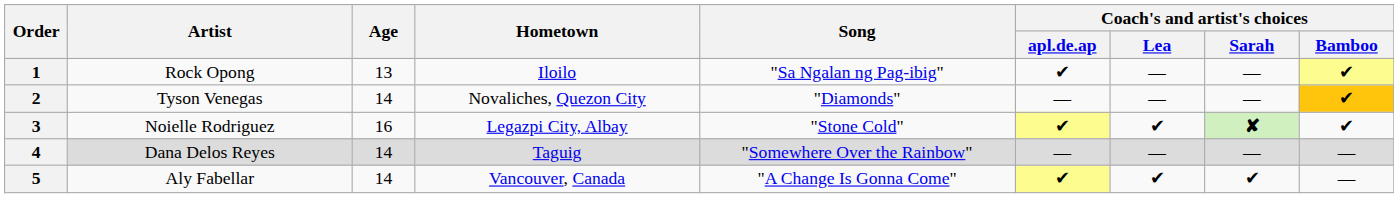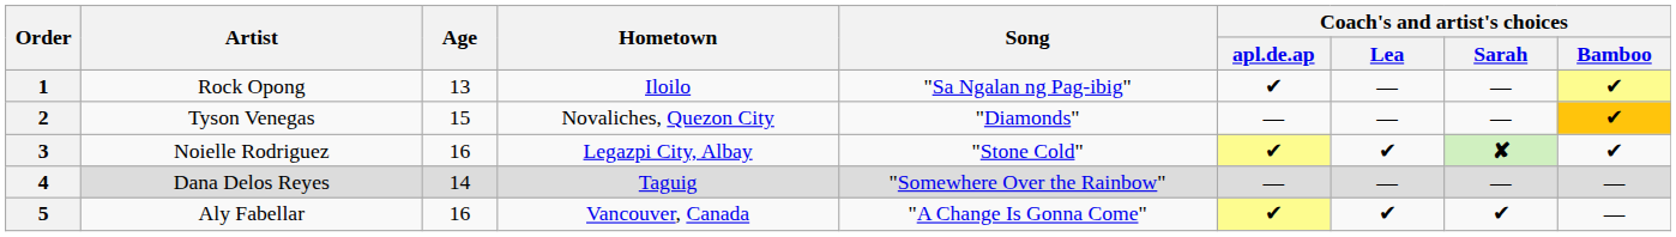 <table class="wikitable" style="text-align:center; line-height:17px; width:100%;">
 <tr>
 <th rowspan="2" scope="col" style="width:04%;">Order</th>
 <th rowspan="2" scope="col" style="width:18%;">Artist</th>
 <th rowspan="2" scope="col" style="width:04%;">Age</th>
 <th rowspan="2" scope="col" style="width:18%;">Hometown</th>
 <th rowspan="2" scope="col" style="width:20%;">Song</th>
 <th colspan="4" scope="col" style="width:24%;">Coach's and artist's choices</th>
 </tr>
 <tr>
 <th style="width:06%;"><a href='#'>apl.de.ap</a></th>
 <th style="width:06%;"><a href='#'>Lea</a></th>
 <th style="width:06%;"><a href='#'>Sarah</a></th>
 <th style="width:06%;"><a href='#'>Bamboo</a></th>
 </tr>
 <tr>
 <th>1</th>
 <td>Rock Opong</td>
 <td>13</td>
 <td><a href='#'>Iloilo</a></td>
 <td>"<a href='#'>Sa Ngalan ng Pag-ibig</a>"</td>
 <td>✔</td>
 <td>—</td>
 <td>—</td>
 <td style="background:#fdfc8f;">✔</td>
 </tr>
 <tr>
 <th>2</th>
 <td>Tyson Venegas</td>
-<td>14</td>
+<td>15</td>
 <td>Novaliches, <a href='#'>Quezon City</a></td>
 <td>"<a href='#'>Diamonds</a>"</td>
 <td>—</td>
 <td>—</td>
 <td>—</td>
 <td style="background:#ffc40c;">✔</td>
 </tr>
 <tr>
 <th>3</th>
 <td>Noielle Rodriguez</td>
 <td>16</td>
 <td><a href='#'>Legazpi City, Albay</a></td>
 <td>"<a href='#'>Stone Cold</a>"</td>
 <td style="background:#fdfc8f;">✔</td>
 <td>✔</td>
 <td style="background:#d0f0c0;"><strong>✘</strong></td>
 <td>✔</td>
 </tr>
 <tr>
 <th>4</th>
 <td style="background:#dcdcdc;">Dana Delos Reyes</td>
 <td style="background:#dcdcdc;">14</td>
 <td style="background:#dcdcdc;"><a href='#'>Taguig</a></td>
 <td style="background:#dcdcdc;">"<a href='#'>Somewhere Over the Rainbow</a>"</td>
 <td style="background:#dcdcdc;">—</td>
 <td style="background:#dcdcdc;">—</td>
 <td style="background:#dcdcdc;">—</td>
 <td style="background:#dcdcdc;">—</td>
 </tr>
 <tr>
 <th>5</th>
 <td>Aly Fabellar</td>
-<td>14</td>
+<td>16</td>
 <td><a href='#'>Vancouver</a>, <a href='#'>Canada</a></td>
 <td>"<a href='#'>A Change Is Gonna Come</a>"</td>
 <td style="background:#fdfc8f;">✔</td>
 <td>✔</td>
 <td>✔</td>
 <td>—</td>
 </tr>
 </table>
